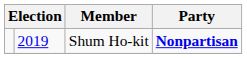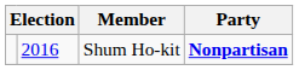 <table class="wikitable">
 <tr>
 <th colspan="2">Election</th>
 <th>Member</th>
 <th>Party</th>
 </tr>
 <tr>
 <td style="color:inherit;background:"></td>
-<td><a href='#'>2019</a></td>
+<td><a href='#'>2016</a></td>
 <td>Shum Ho-kit</td>
 <td><strong><a href='#'>Nonpartisan</a></strong></td>
 </tr>
 <tr>
 </tr>
 </table>
